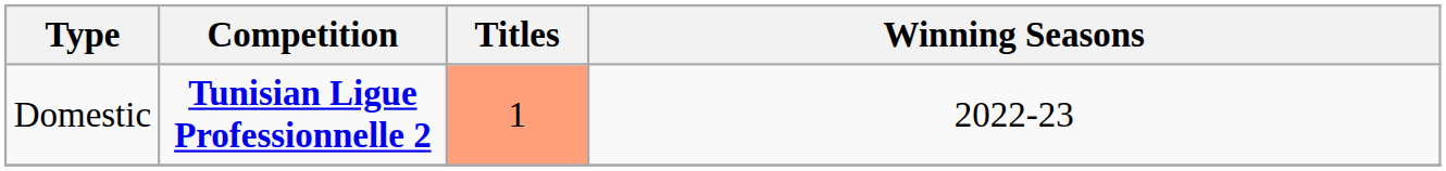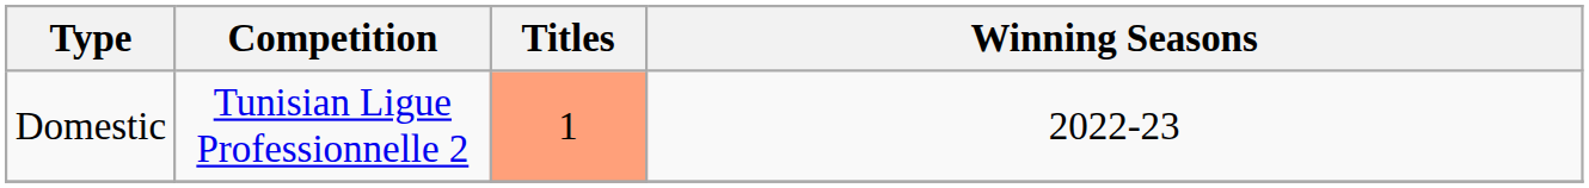 <table class="wikitable plainrowheaders" style="font-size:95%; text-align:center;">
 <tr>
 <th width=10%>Type</th>
 <th width=20%>Competition</th>
 <th width=10%>Titles</th>
 <th width=60%>Winning Seasons</th>
 </tr>
 <tr>
 <td rowspan="1">Domestic</td>
-<td><strong><a href='#'>Tunisian Ligue Professionnelle 2</a></strong></td>
+<td><a href='#'>Tunisian Ligue Professionnelle 2</a></td>
 <td style="background: lightsalmon;">1</td>
 <td>2022-23</td>
 </tr>
 <tr>
 </tr>
 </table>
